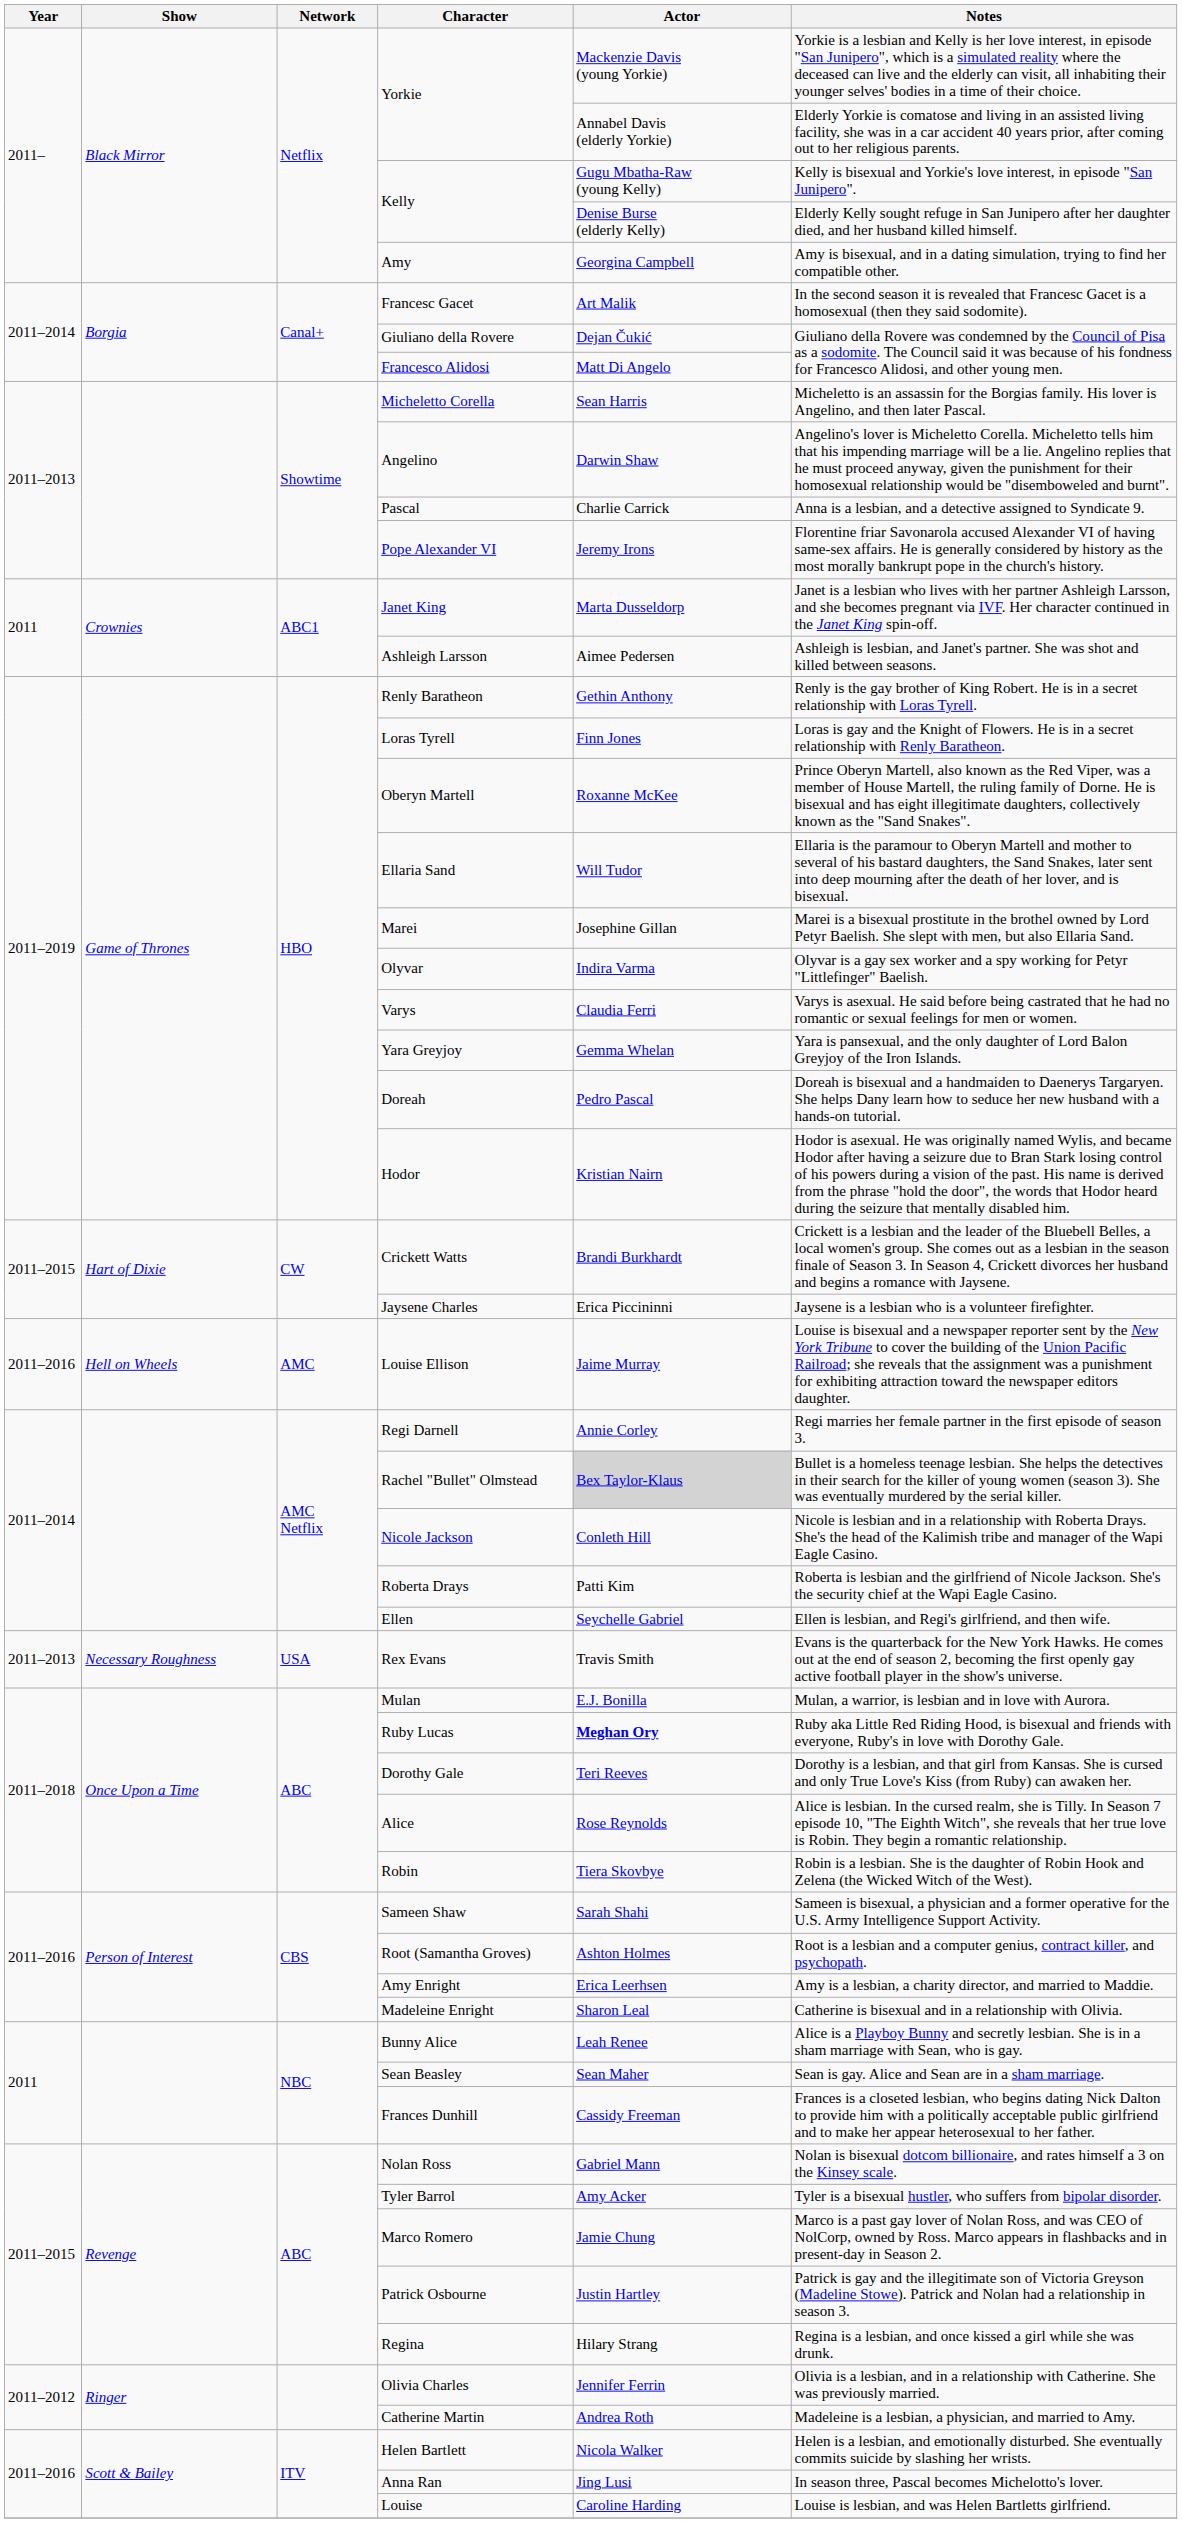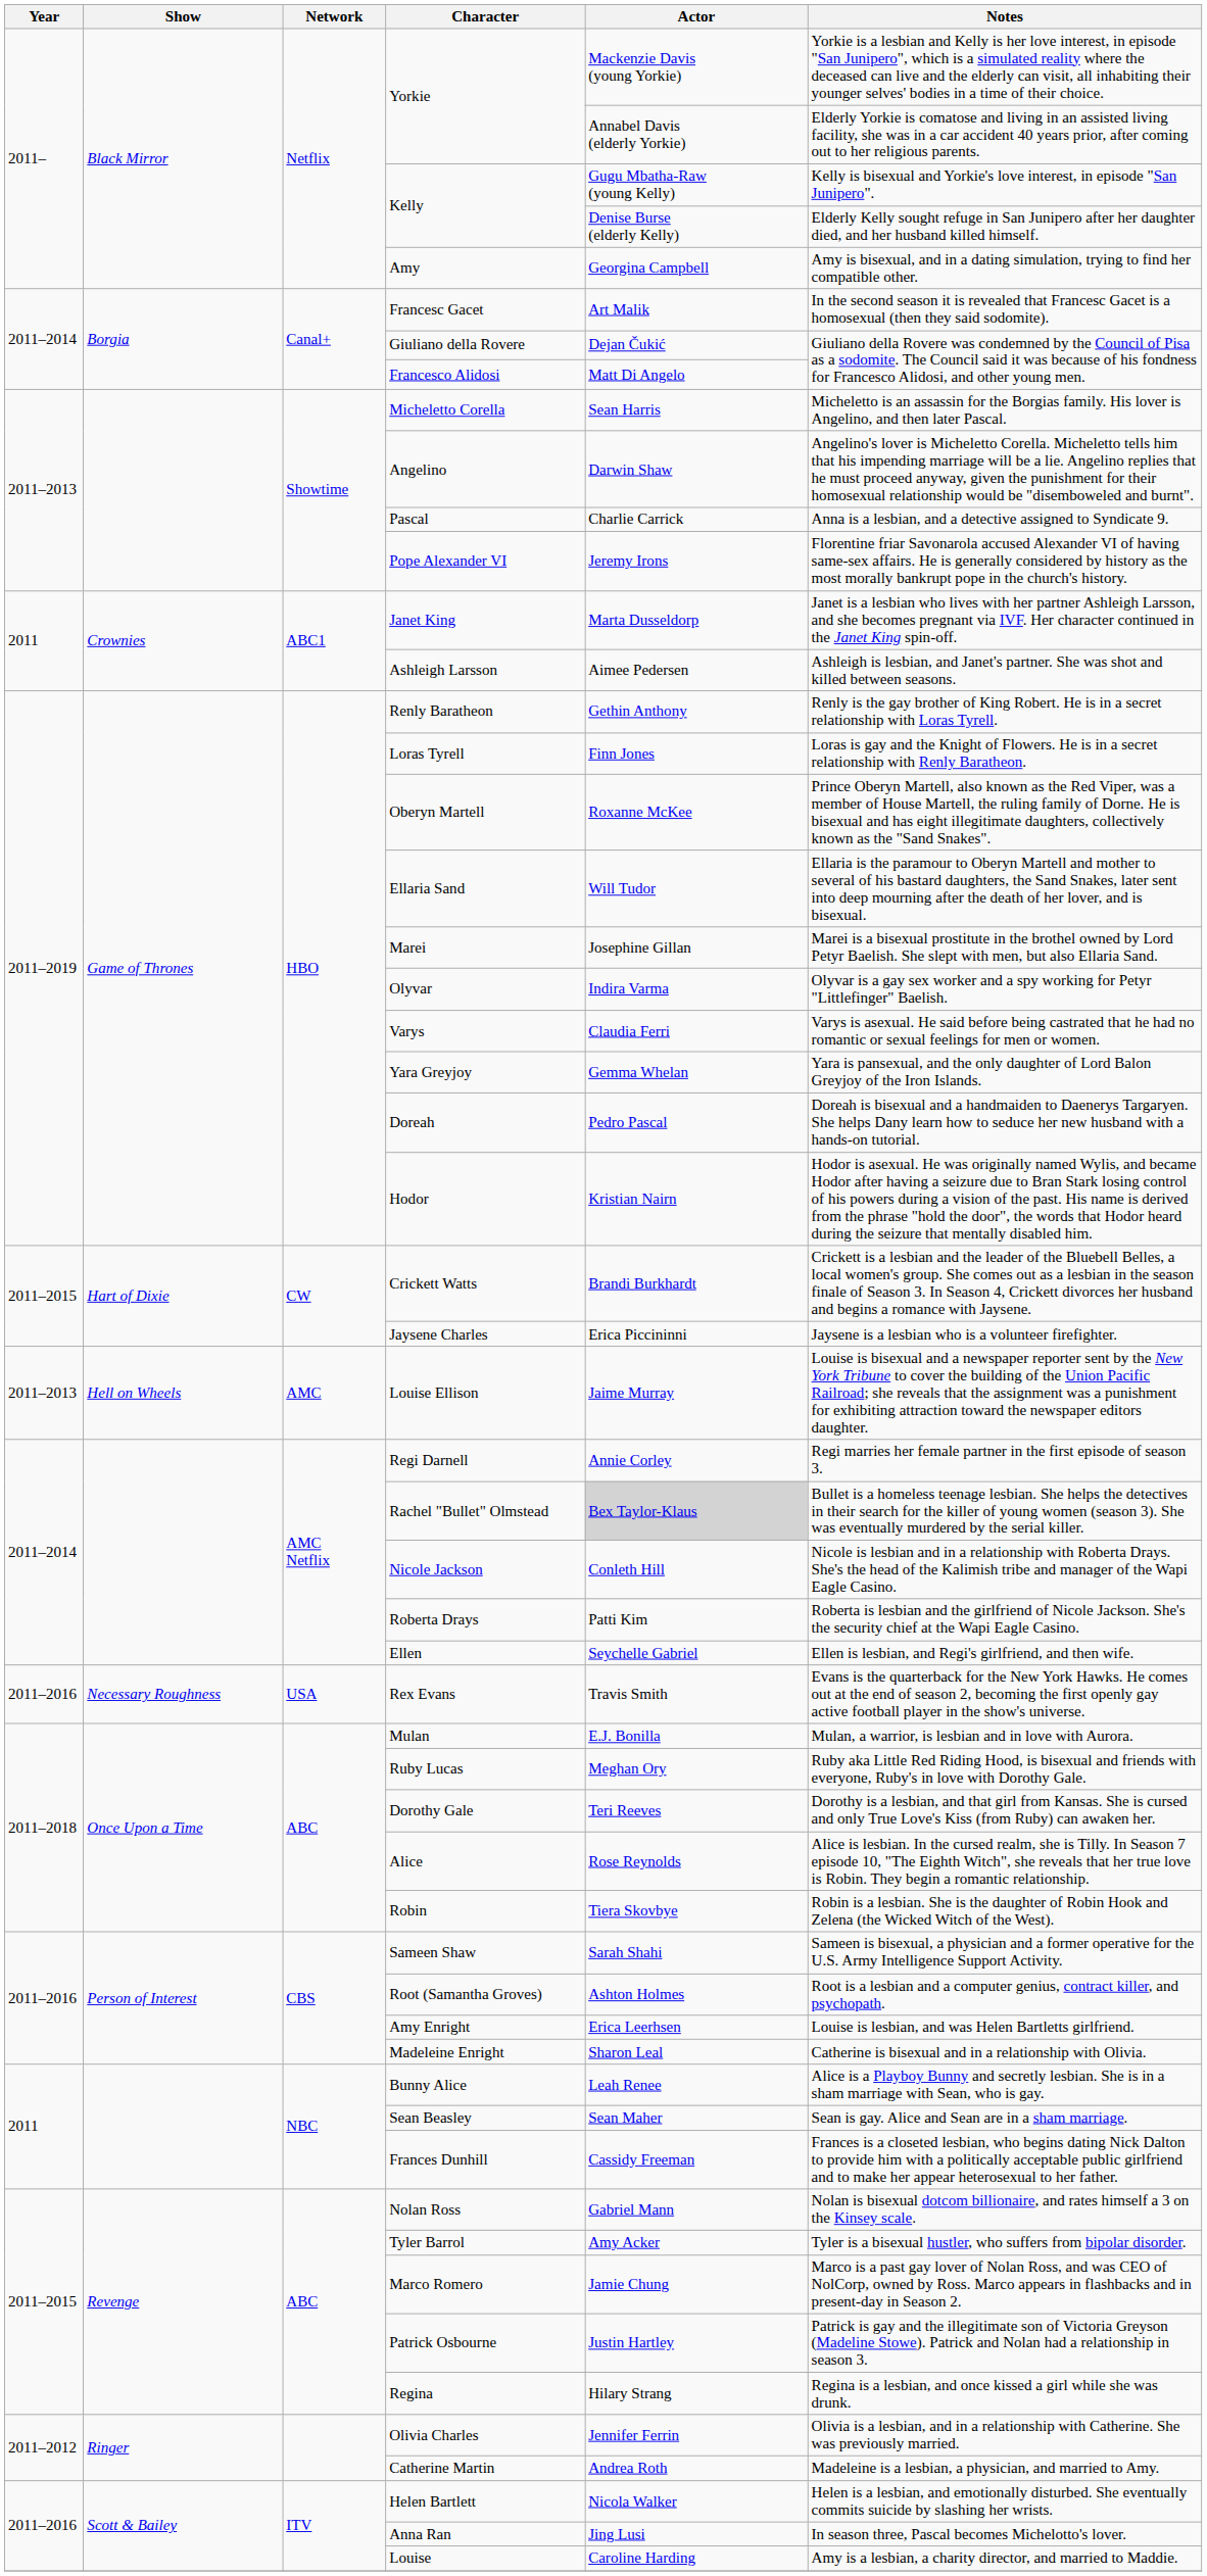 <table class="sortable wikitable" style="margins:auto; width=100%;">
 <tr>
 <th style="width:75px;">Year</th>
 <th style="width:200px;">Show</th>
 <th style="width:100px;">Network</th>
 <th style="width:200px;">Character</th>
 <th style="width:225px;">Actor</th>
 <th>Notes</th>
 </tr>
 <tr>
 <td rowspan="5">2011–</td>
 <td rowspan="5"><em><a href='#'>Black Mirror</a></em></td>
 <td rowspan="5"><a href='#'>Netflix</a></td>
 <td rowspan="2">Yorkie</td>
 <td><a href='#'>Mackenzie Davis</a> <br> (young Yorkie)</td>
 <td>Yorkie is a lesbian and Kelly is her love interest, in episode "<a href='#'>San Junipero</a>", which is a <a href='#'>simulated reality</a> where the deceased can live and the elderly can visit, all inhabiting their younger selves' bodies in a time of their choice.</td>
 </tr>
 <tr>
 <td>Annabel Davis<br> (elderly Yorkie)</td>
 <td>Elderly Yorkie is comatose and living in an assisted living facility, she was in a car accident 40 years prior, after coming out to her religious parents.</td>
 </tr>
 <tr>
 <td rowspan="2">Kelly</td>
 <td><a href='#'>Gugu Mbatha-Raw</a><br> (young Kelly)</td>
 <td>Kelly is bisexual and Yorkie's love interest, in episode "<a href='#'>San Junipero</a>".</td>
 </tr>
 <tr>
 <td><a href='#'>Denise Burse</a><br> (elderly Kelly)</td>
 <td>Elderly Kelly sought refuge in San Junipero after her daughter died, and her husband killed himself.</td>
 </tr>
 <tr>
 <td>Amy</td>
 <td><a href='#'>Georgina Campbell</a></td>
 <td>Amy is bisexual, and in a dating simulation, trying to find her compatible other.</td>
 </tr>
 <tr>
 <td rowspan="3">2011–2014</td>
 <td rowspan="3"><em><a href='#'>Borgia</a></em></td>
 <td rowspan="3"><a href='#'>Canal+</a></td>
 <td>Francesc Gacet</td>
 <td><a href='#'>Art Malik</a></td>
 <td>In the second season it is revealed that Francesc Gacet is a homosexual (then they said sodomite).</td>
 </tr>
 <tr>
 <td>Giuliano della Rovere</td>
 <td><a href='#'>Dejan Čukić</a></td>
 <td rowspan="2">Giuliano della Rovere was condemned by the <a href='#'>Council of Pisa</a> as a <a href='#'>sodomite</a>. The Council said it was because of his fondness for Francesco Alidosi, and other young men.</td>
 </tr>
 <tr>
 <td><a href='#'>Francesco Alidosi</a></td>
 <td><a href='#'>Matt Di Angelo</a></td>
 </tr>
 <tr>
 <td rowspan="4">2011–2013</td>
 <td rowspan="4"><em></em></td>
 <td rowspan="4"><a href='#'>Showtime</a></td>
 <td><a href='#'>Micheletto Corella</a></td>
 <td><a href='#'>Sean Harris</a></td>
 <td>Micheletto is an assassin for the Borgias family. His lover is Angelino, and then later Pascal.</td>
 </tr>
 <tr>
 <td>Angelino</td>
 <td><a href='#'>Darwin Shaw</a></td>
 <td>Angelino's lover is Micheletto Corella. Micheletto tells him that his impending marriage will be a lie. Angelino replies that he must proceed anyway, given the punishment for their homosexual relationship would be "disemboweled and burnt".</td>
 </tr>
 <tr>
 <td>Pascal</td>
 <td>Charlie Carrick</td>
 <td>Anna is a lesbian, and a detective assigned to Syndicate 9.</td>
 </tr>
 <tr>
 <td><a href='#'>Pope Alexander VI</a></td>
 <td><a href='#'>Jeremy Irons</a></td>
 <td>Florentine friar Savonarola accused Alexander VI of having same-sex affairs. He is generally considered by history as the most morally bankrupt pope in the church's history.</td>
 </tr>
 <tr>
 <td rowspan="2">2011</td>
 <td rowspan="2"><em><a href='#'>Crownies</a></em></td>
 <td rowspan="2"><a href='#'>ABC1</a></td>
 <td><a href='#'>Janet King</a></td>
 <td><a href='#'>Marta Dusseldorp</a></td>
 <td>Janet is a lesbian who lives with her partner Ashleigh Larsson, and she becomes pregnant via <a href='#'>IVF</a>. Her character continued in the <em><a href='#'>Janet King</a></em> spin-off.</td>
 </tr>
 <tr>
 <td>Ashleigh Larsson</td>
 <td>Aimee Pedersen</td>
 <td>Ashleigh is lesbian, and Janet's partner. She was shot and killed between seasons.</td>
 </tr>
 <tr>
 <td rowspan="10">2011–2019</td>
 <td rowspan="10"><em><a href='#'>Game of Thrones</a></em></td>
 <td rowspan="10"><a href='#'>HBO</a></td>
 <td>Renly Baratheon</td>
 <td><a href='#'>Gethin Anthony</a></td>
 <td>Renly is the gay brother of King Robert. He is in a secret relationship with <a href='#'>Loras Tyrell</a>.</td>
 </tr>
 <tr>
 <td>Loras Tyrell</td>
 <td><a href='#'>Finn Jones</a></td>
 <td>Loras is gay and the Knight of Flowers. He is in a secret relationship with <a href='#'>Renly Baratheon</a>.</td>
 </tr>
 <tr>
 <td>Oberyn Martell</td>
 <td><a href='#'>Roxanne McKee</a></td>
 <td>Prince Oberyn Martell, also known as the Red Viper, was a member of House Martell, the ruling family of Dorne. He is bisexual and has eight illegitimate daughters, collectively known as the "Sand Snakes".</td>
 </tr>
 <tr>
 <td>Ellaria Sand</td>
 <td><a href='#'>Will Tudor</a></td>
 <td>Ellaria is the paramour to Oberyn Martell and mother to several of his bastard daughters, the Sand Snakes, later sent into deep mourning after the death of her lover, and is bisexual.</td>
 </tr>
 <tr>
 <td>Marei</td>
 <td>Josephine Gillan</td>
 <td>Marei is a bisexual prostitute in the brothel owned by Lord Petyr Baelish. She slept with men, but also Ellaria Sand.</td>
 </tr>
 <tr>
 <td>Olyvar</td>
 <td><a href='#'>Indira Varma</a></td>
 <td>Olyvar is a gay sex worker and a spy working for Petyr "Littlefinger" Baelish.</td>
 </tr>
 <tr>
 <td>Varys</td>
 <td><a href='#'>Claudia Ferri</a></td>
 <td>Varys is asexual. He said before being castrated that he had no romantic or sexual feelings for men or women.</td>
 </tr>
 <tr>
 <td>Yara Greyjoy</td>
 <td><a href='#'>Gemma Whelan</a></td>
 <td>Yara is pansexual, and the only daughter of Lord Balon Greyjoy of the Iron Islands.</td>
 </tr>
 <tr>
 <td>Doreah</td>
 <td><a href='#'>Pedro Pascal</a></td>
 <td>Doreah is bisexual and a handmaiden to Daenerys Targaryen. She helps Dany learn how to seduce her new husband with a hands-on tutorial.</td>
 </tr>
 <tr>
 <td>Hodor</td>
 <td><a href='#'>Kristian Nairn</a></td>
 <td>Hodor is asexual. He was originally named Wylis, and became Hodor after having a seizure due to Bran Stark losing control of his powers during a vision of the past. His name is derived from the phrase "hold the door", the words that Hodor heard during the seizure that mentally disabled him.</td>
 </tr>
 <tr>
 <td rowspan="2">2011–2015</td>
 <td rowspan="2"><em><a href='#'>Hart of Dixie</a></em></td>
 <td rowspan="2"><a href='#'>CW</a></td>
 <td>Crickett Watts</td>
 <td><a href='#'>Brandi Burkhardt</a></td>
 <td>Crickett is a lesbian and the leader of the Bluebell Belles, a local women's group. She comes out as a lesbian in the season finale of Season 3. In Season 4, Crickett divorces her husband and begins a romance with Jaysene.</td>
 </tr>
 <tr>
 <td>Jaysene Charles</td>
 <td>Erica Piccininni</td>
 <td>Jaysene is a lesbian who is a volunteer firefighter.</td>
 </tr>
 <tr>
-<td>2011–2016</td>
+<td>2011–2013</td>
 <td><em><a href='#'>Hell on Wheels</a></em></td>
 <td><a href='#'>AMC</a></td>
 <td>Louise Ellison</td>
 <td><a href='#'>Jaime Murray</a></td>
 <td>Louise is bisexual and a newspaper reporter sent by the <em><a href='#'>New York Tribune</a></em> to cover the building of the <a href='#'>Union Pacific Railroad</a>; she reveals that the assignment was a punishment for exhibiting attraction toward the newspaper editors daughter.</td>
 </tr>
 <tr>
 <td rowspan="5">2011–2014</td>
 <td rowspan="5"><em></em></td>
 <td rowspan="5"><a href='#'>AMC</a> <br> <a href='#'>Netflix</a></td>
 <td>Regi Darnell</td>
 <td><a href='#'>Annie Corley</a></td>
 <td>Regi marries her female partner in the first episode of season 3.</td>
 </tr>
 <tr>
 <td>Rachel "Bullet" Olmstead</td>
 <td style="background: lightgrey;"><a href='#'>Bex Taylor-Klaus</a></td>
 <td>Bullet is a homeless teenage lesbian. She helps the detectives in their search for the killer of young women (season 3). She was eventually murdered by the serial killer.</td>
 </tr>
 <tr>
 <td><a href='#'>Nicole Jackson</a></td>
 <td><a href='#'>Conleth Hill</a></td>
 <td>Nicole is lesbian and in a relationship with Roberta Drays. She's the head of the Kalimish tribe and manager of the Wapi Eagle Casino.</td>
 </tr>
 <tr>
 <td>Roberta Drays</td>
 <td>Patti Kim</td>
 <td>Roberta is lesbian and the girlfriend of Nicole Jackson. She's the security chief at the Wapi Eagle Casino.</td>
 </tr>
 <tr>
 <td>Ellen</td>
 <td><a href='#'>Seychelle Gabriel</a></td>
 <td>Ellen is lesbian, and Regi's girlfriend, and then wife.</td>
 </tr>
 <tr>
-<td>2011–2013</td>
+<td>2011–2016</td>
 <td><em><a href='#'>Necessary Roughness</a></em></td>
 <td><a href='#'>USA</a></td>
 <td>Rex Evans</td>
 <td>Travis Smith</td>
 <td>Evans is the quarterback for the New York Hawks. He comes out at the end of season 2, becoming the first openly gay active football player in the show's universe.</td>
 </tr>
 <tr>
 <td rowspan="5">2011–2018</td>
 <td rowspan="5"><em><a href='#'>Once Upon a Time</a></em></td>
 <td rowspan="5"><a href='#'>ABC</a></td>
 <td>Mulan</td>
 <td><a href='#'>E.J. Bonilla</a></td>
 <td>Mulan, a warrior, is lesbian and in love with Aurora.</td>
 </tr>
 <tr>
 <td>Ruby Lucas</td>
-<td><strong><a href='#'>Meghan Ory</a></strong></td>
+<td><a href='#'>Meghan Ory</a></td>
 <td>Ruby aka Little Red Riding Hood, is bisexual and friends with everyone, Ruby's in love with Dorothy Gale.</td>
 </tr>
 <tr>
 <td>Dorothy Gale</td>
 <td><a href='#'>Teri Reeves</a></td>
 <td>Dorothy is a lesbian, and that girl from Kansas. She is cursed and only True Love's Kiss (from Ruby) can awaken her.</td>
 </tr>
 <tr>
 <td>Alice</td>
 <td><a href='#'>Rose Reynolds</a></td>
 <td>Alice is lesbian. In the cursed realm, she is Tilly. In Season 7 episode 10, "The Eighth Witch", she reveals that her true love is Robin. They begin a romantic relationship.</td>
 </tr>
 <tr>
 <td>Robin</td>
 <td><a href='#'>Tiera Skovbye</a></td>
 <td>Robin is a lesbian. She is the daughter of Robin Hook and Zelena (the Wicked Witch of the West).</td>
 </tr>
 <tr>
 <td rowspan="4">2011–2016</td>
 <td rowspan="4"><em><a href='#'>Person of Interest</a></em></td>
 <td rowspan="4"><a href='#'>CBS</a></td>
 <td>Sameen Shaw</td>
 <td><a href='#'>Sarah Shahi</a></td>
 <td>Sameen is bisexual, a physician and a former operative for the U.S. Army Intelligence Support Activity.</td>
 </tr>
 <tr>
 <td>Root (Samantha Groves)</td>
 <td><a href='#'>Ashton Holmes</a></td>
 <td>Root is a lesbian and a computer genius, <a href='#'>contract killer</a>, and <a href='#'>psychopath</a>.</td>
 </tr>
 <tr>
 <td>Amy Enright</td>
 <td><a href='#'>Erica Leerhsen</a></td>
-<td>Amy is a lesbian, a charity director, and married to Maddie.</td>
+<td>Louise is lesbian, and was Helen Bartletts girlfriend.</td>
 </tr>
 <tr>
 <td>Madeleine Enright</td>
 <td><a href='#'>Sharon Leal</a></td>
 <td>Catherine is bisexual and in a relationship with Olivia.</td>
 </tr>
 <tr>
 <td rowspan="3">2011</td>
 <td rowspan="3"><em></em></td>
 <td rowspan="3"><a href='#'>NBC</a></td>
 <td>Bunny Alice</td>
 <td><a href='#'>Leah Renee</a></td>
 <td>Alice is a <a href='#'>Playboy Bunny</a> and secretly lesbian. She is in a sham marriage with Sean, who is gay.</td>
 </tr>
 <tr>
 <td>Sean Beasley</td>
 <td><a href='#'>Sean Maher</a></td>
 <td>Sean is gay. Alice and Sean are in a <a href='#'>sham marriage</a>.</td>
 </tr>
 <tr>
 <td>Frances Dunhill</td>
 <td><a href='#'>Cassidy Freeman</a></td>
 <td>Frances is a closeted lesbian, who begins dating Nick Dalton to provide him with a politically acceptable public girlfriend and to make her appear heterosexual to her father.</td>
 </tr>
 <tr>
 <td rowspan="5">2011–2015</td>
 <td rowspan="5"><em><a href='#'>Revenge</a></em></td>
 <td rowspan="5"><a href='#'>ABC</a></td>
 <td>Nolan Ross</td>
 <td><a href='#'>Gabriel Mann</a></td>
 <td>Nolan is bisexual <a href='#'>dotcom billionaire</a>, and rates himself a 3 on the <a href='#'>Kinsey scale</a>.</td>
 </tr>
 <tr>
 <td>Tyler Barrol</td>
 <td><a href='#'>Amy Acker</a></td>
 <td>Tyler is a bisexual <a href='#'>hustler</a>, who suffers from <a href='#'>bipolar disorder</a>.</td>
 </tr>
 <tr>
 <td>Marco Romero</td>
 <td><a href='#'>Jamie Chung</a></td>
 <td>Marco is a past gay lover of Nolan Ross, and was CEO of NolCorp, owned by Ross. Marco appears in flashbacks and in present-day in Season 2.</td>
 </tr>
 <tr>
 <td>Patrick Osbourne</td>
 <td><a href='#'>Justin Hartley</a></td>
 <td>Patrick is gay and the illegitimate son of Victoria Greyson (<a href='#'>Madeline Stowe</a>). Patrick and Nolan had a relationship in season 3.</td>
 </tr>
 <tr>
 <td>Regina</td>
 <td>Hilary Strang</td>
 <td>Regina is a lesbian, and once kissed a girl while she was drunk.</td>
 </tr>
 <tr>
 <td rowspan="2">2011–2012</td>
 <td rowspan="2"><em><a href='#'>Ringer</a></em></td>
 <td rowspan="2"></td>
 <td>Olivia Charles</td>
 <td><a href='#'>Jennifer Ferrin</a></td>
 <td>Olivia is a lesbian, and in a relationship with Catherine. She was previously married.</td>
 </tr>
 <tr>
 <td>Catherine Martin</td>
 <td><a href='#'>Andrea Roth</a></td>
 <td>Madeleine is a lesbian, a physician, and married to Amy.</td>
 </tr>
 <tr>
 <td rowspan="3">2011–2016</td>
 <td rowspan="3"><em><a href='#'>Scott & Bailey</a></em></td>
 <td rowspan="3"><a href='#'>ITV</a></td>
 <td>Helen Bartlett</td>
 <td><a href='#'>Nicola Walker</a></td>
 <td>Helen is a lesbian, and emotionally disturbed. She eventually commits suicide by slashing her wrists.</td>
 </tr>
 <tr>
 <td>Anna Ran</td>
 <td><a href='#'>Jing Lusi</a></td>
 <td>In season three, Pascal becomes Michelotto's lover.</td>
 </tr>
 <tr>
 <td>Louise</td>
 <td><a href='#'>Caroline Harding</a></td>
-<td>Louise is lesbian, and was Helen Bartletts girlfriend.</td>
+<td>Amy is a lesbian, a charity director, and married to Maddie.</td>
 </tr>
 <tr>
 </tr>
 </table>
